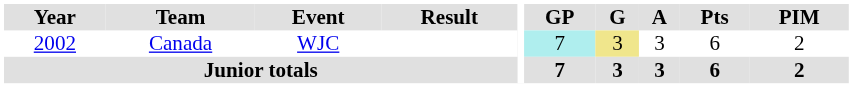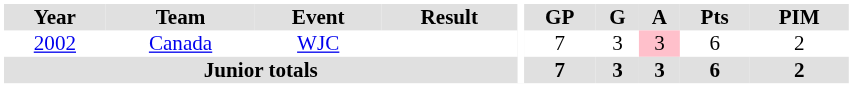 <table border="0" cellpadding="1" cellspacing="0" ID="Table3" style="text-align:center; width:40em">
 <tr ALIGN="center" bgcolor="#e0e0e0">
 <th>Year</th>
 <th>Team</th>
 <th>Event</th>
 <th>Result</th>
 <th rowspan="99" bgcolor="#ffffff"></th>
 <th>GP</th>
 <th>G</th>
 <th>A</th>
 <th>Pts</th>
 <th>PIM</th>
 </tr>
 <tr>
 <td><a href='#'>2002</a></td>
 <td><a href='#'>Canada</a></td>
 <td><a href='#'>WJC</a></td>
 <td></td>
-<td style="background: paleturquoise;">7</td>
-<td style="background: khaki;">3</td>
+<td>7</td>
 <td>3</td>
+<td style="background: pink;">3</td>
 <td>6</td>
 <td>2</td>
 </tr>
 <tr bgcolor="#e0e0e0">
 <th colspan=4>Junior totals</th>
 <th>7</th>
 <th>3</th>
 <th>3</th>
 <th>6</th>
 <th>2</th>
 </tr>
 </table>
